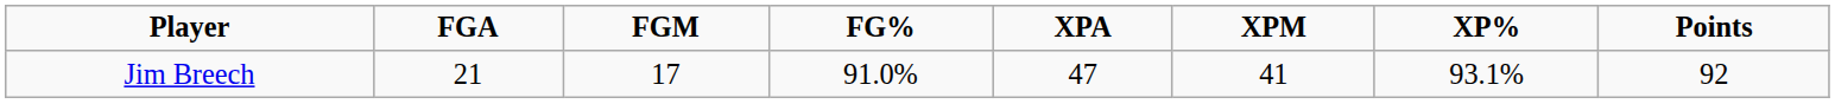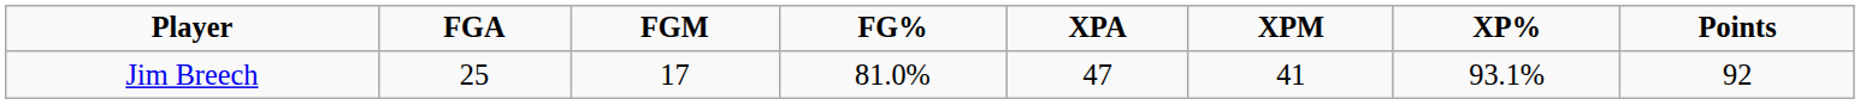 <table class="wikitable" width="80%">
 <tr align="center">
 <td><strong>Player</strong></td>
 <td><strong>FGA</strong></td>
 <td><strong>FGM</strong></td>
 <td><strong>FG%</strong></td>
 <td><strong>XPA</strong></td>
 <td><strong>XPM</strong></td>
 <td><strong>XP%</strong></td>
 <td><strong>Points</strong></td>
 </tr>
 <tr align="center" bgcolor="">
 <td><a href='#'>Jim Breech</a></td>
-<td>21</td>
+<td>25</td>
 <td>17</td>
-<td>91.0%</td>
+<td>81.0%</td>
 <td>47</td>
 <td>41</td>
 <td>93.1%</td>
 <td>92</td>
 </tr>
 </table>
